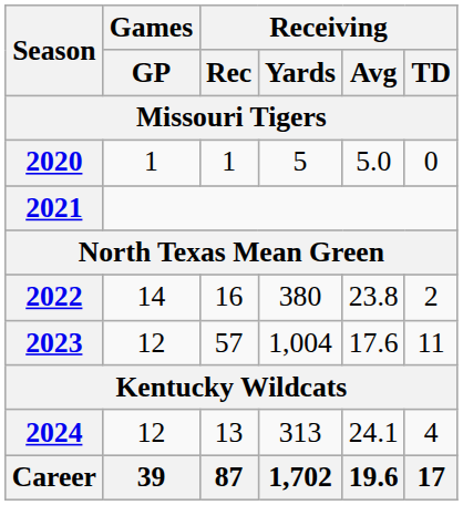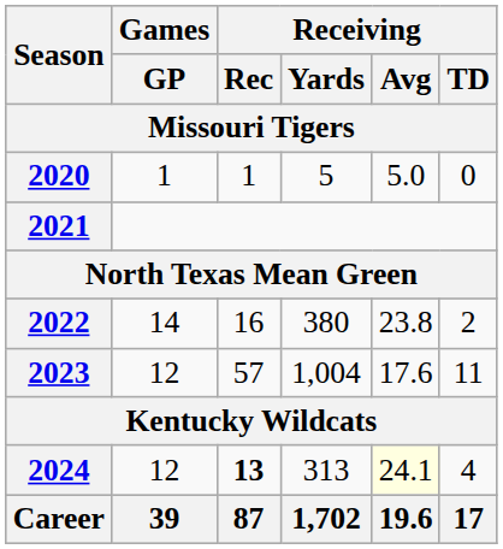 <table class="wikitable" style="text-align:center;">
 <tr>
 <th rowspan="2">Season</th>
 <th>Games</th>
 <th colspan="4">Receiving</th>
 </tr>
 <tr>
 <th>GP</th>
 <th>Rec</th>
 <th>Yards</th>
 <th>Avg</th>
 <th>TD</th>
 </tr>
 <tr>
 <th colspan="6">Missouri Tigers</th>
 </tr>
 <tr>
 <th><a href='#'>2020</a></th>
 <td>1</td>
 <td>1</td>
 <td>5</td>
 <td>5.0</td>
 <td>0</td>
 </tr>
 <tr>
 <th><a href='#'>2021</a></th>
 <td colspan="5"></td>
 </tr>
 <tr>
 <th colspan="6">North Texas Mean Green</th>
 </tr>
 <tr>
 <th><a href='#'>2022</a></th>
 <td>14</td>
 <td>16</td>
 <td>380</td>
 <td>23.8</td>
 <td>2</td>
 </tr>
 <tr>
 <th><a href='#'>2023</a></th>
 <td>12</td>
 <td>57</td>
 <td>1,004</td>
 <td>17.6</td>
 <td>11</td>
 </tr>
 <tr>
 <th colspan="6">Kentucky Wildcats</th>
 </tr>
 <tr>
 <th><a href='#'>2024</a></th>
 <td>12</td>
-<td>13</td>
+<td><strong>13</strong></td>
 <td>313</td>
-<td>24.1</td>
+<td style="background: lightyellow;">24.1</td>
 <td>4</td>
 </tr>
 <tr>
 <th>Career</th>
 <th>39</th>
 <th>87</th>
 <th>1,702</th>
 <th>19.6</th>
 <th>17</th>
 </tr>
 </table>
